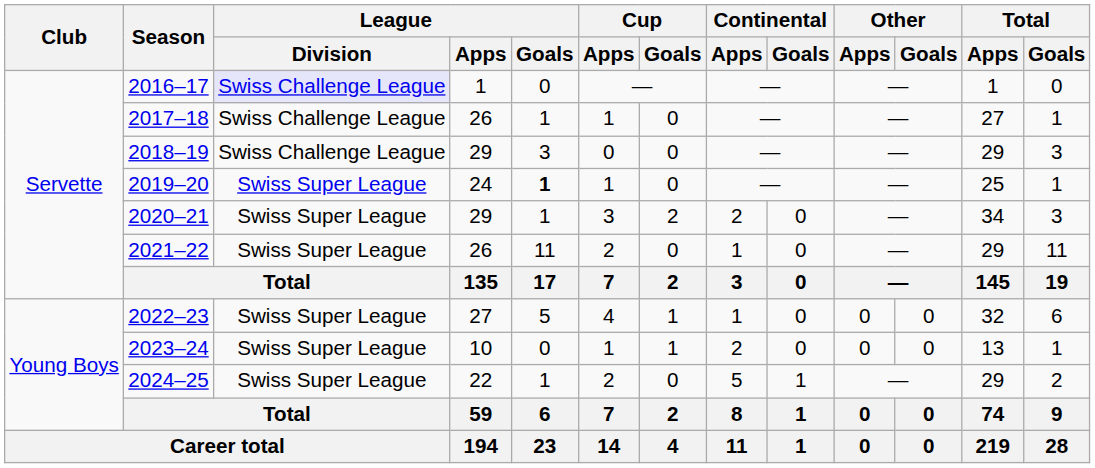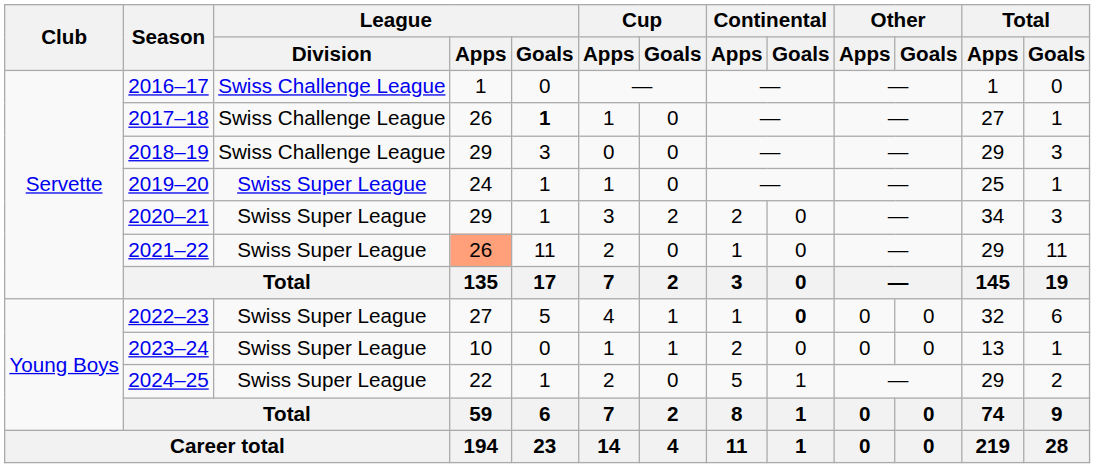 <table class="wikitable" style="text-align:center">
 <tr>
 <th rowspan="2">Club</th>
 <th rowspan="2">Season</th>
 <th colspan="3">League</th>
 <th colspan="2">Cup</th>
 <th colspan="2">Continental</th>
 <th colspan="2">Other</th>
 <th colspan="2">Total</th>
 </tr>
 <tr>
 <th>Division</th>
 <th>Apps</th>
 <th>Goals</th>
 <th>Apps</th>
 <th>Goals</th>
 <th>Apps</th>
 <th>Goals</th>
 <th>Apps</th>
 <th>Goals</th>
 <th>Apps</th>
 <th>Goals</th>
 </tr>
 <tr>
 <td rowspan="7"><a href='#'>Servette</a></td>
 <td><a href='#'>2016–17</a></td>
-<td style="background: lavender;"><a href='#'>Swiss Challenge League</a></td>
+<td><a href='#'>Swiss Challenge League</a></td>
 <td>1</td>
 <td>0</td>
 <td colspan="2">—</td>
 <td colspan="2">—</td>
 <td colspan="2">—</td>
 <td>1</td>
 <td>0</td>
 </tr>
 <tr>
 <td><a href='#'>2017–18</a></td>
 <td>Swiss Challenge League</td>
 <td>26</td>
-<td>1</td>
+<td><strong>1</strong></td>
 <td>1</td>
 <td>0</td>
 <td colspan="2">—</td>
 <td colspan="2">—</td>
 <td>27</td>
 <td>1</td>
 </tr>
 <tr>
 <td><a href='#'>2018–19</a></td>
 <td>Swiss Challenge League</td>
 <td>29</td>
 <td>3</td>
 <td>0</td>
 <td>0</td>
 <td colspan="2">—</td>
 <td colspan="2">—</td>
 <td>29</td>
 <td>3</td>
 </tr>
 <tr>
 <td><a href='#'>2019–20</a></td>
 <td><a href='#'>Swiss Super League</a></td>
 <td>24</td>
-<td><strong>1</strong></td>
+<td>1</td>
 <td>1</td>
 <td>0</td>
 <td colspan="2">—</td>
 <td colspan="2">—</td>
 <td>25</td>
 <td>1</td>
 </tr>
 <tr>
 <td><a href='#'>2020–21</a></td>
 <td>Swiss Super League</td>
 <td>29</td>
 <td>1</td>
 <td>3</td>
 <td>2</td>
 <td>2</td>
 <td>0</td>
 <td colspan="2">—</td>
 <td>34</td>
 <td>3</td>
 </tr>
 <tr>
 <td><a href='#'>2021–22</a></td>
 <td>Swiss Super League</td>
-<td>26</td>
+<td style="background: lightsalmon;">26</td>
 <td>11</td>
 <td>2</td>
 <td>0</td>
 <td>1</td>
 <td>0</td>
 <td colspan="2">—</td>
 <td>29</td>
 <td>11</td>
 </tr>
 <tr>
 <th colspan="2">Total</th>
 <th>135</th>
 <th>17</th>
 <th>7</th>
 <th>2</th>
 <th>3</th>
 <th>0</th>
 <th colspan="2">—</th>
 <th>145</th>
 <th>19</th>
 </tr>
 <tr>
 <td rowspan="4"><a href='#'>Young Boys</a></td>
 <td><a href='#'>2022–23</a></td>
 <td>Swiss Super League</td>
 <td>27</td>
 <td>5</td>
 <td>4</td>
 <td>1</td>
 <td>1</td>
-<td>0</td>
+<td><strong>0</strong></td>
 <td>0</td>
 <td>0</td>
 <td>32</td>
 <td>6</td>
 </tr>
 <tr>
 <td><a href='#'>2023–24</a></td>
 <td>Swiss Super League</td>
 <td>10</td>
 <td>0</td>
 <td>1</td>
 <td>1</td>
 <td>2</td>
 <td>0</td>
 <td>0</td>
 <td>0</td>
 <td>13</td>
 <td>1</td>
 </tr>
 <tr>
 <td><a href='#'>2024–25</a></td>
 <td>Swiss Super League</td>
 <td>22</td>
 <td>1</td>
 <td>2</td>
 <td>0</td>
 <td>5</td>
 <td>1</td>
 <td colspan="2">—</td>
 <td>29</td>
 <td>2</td>
 </tr>
 <tr>
 <th colspan="2">Total</th>
 <th>59</th>
 <th>6</th>
 <th>7</th>
 <th>2</th>
 <th>8</th>
 <th>1</th>
 <th>0</th>
 <th>0</th>
 <th>74</th>
 <th>9</th>
 </tr>
 <tr>
 <th colspan="3">Career total</th>
 <th>194</th>
 <th>23</th>
 <th>14</th>
 <th>4</th>
 <th>11</th>
 <th>1</th>
 <th>0</th>
 <th>0</th>
 <th>219</th>
 <th>28</th>
 </tr>
 </table>
